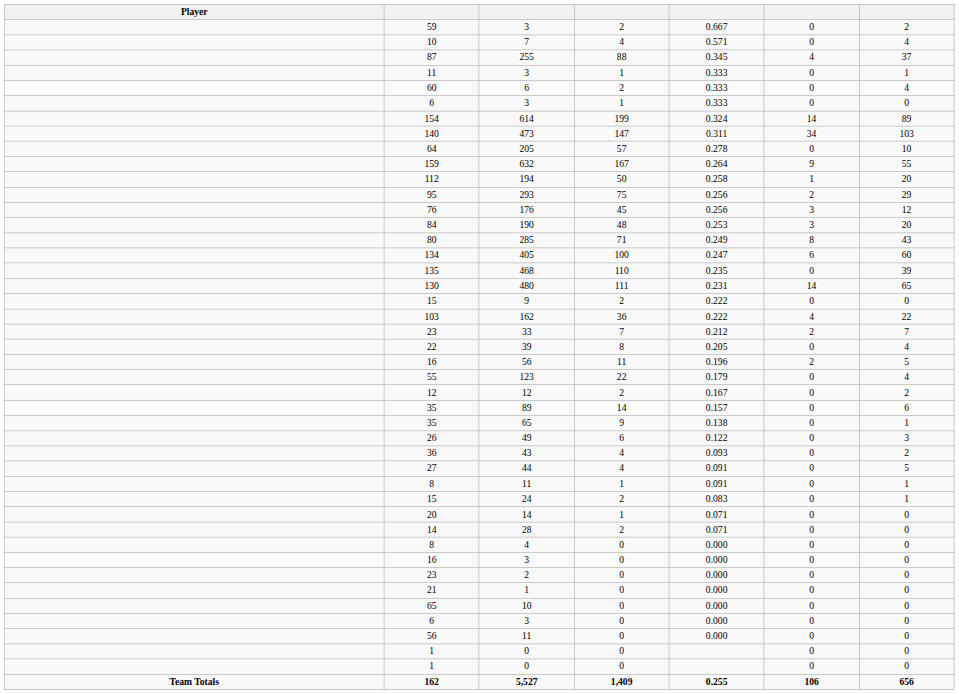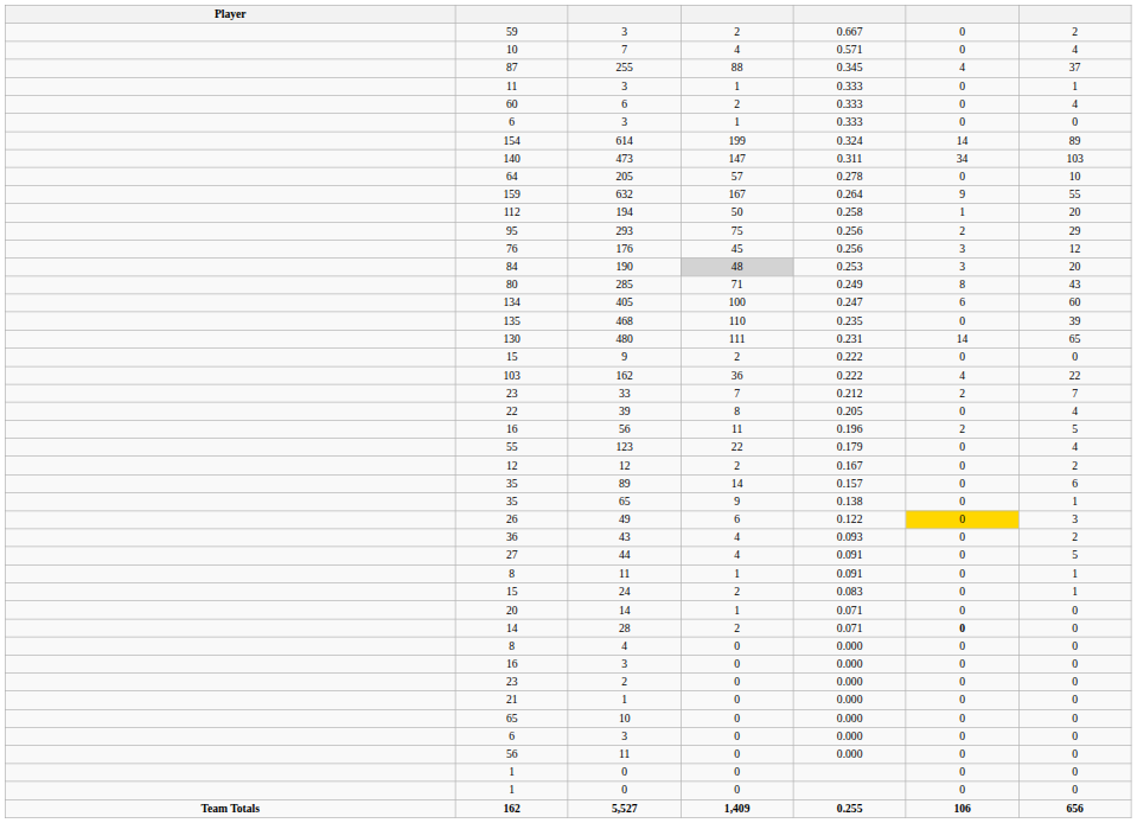 <table class="wikitable sortable" style="text-align:center;" width="100%">
 <tr>
 <th width="40%">Player</th>
 <th width="10%"></th>
 <th width="10%"></th>
 <th width="10%"></th>
 <th width="10%"></th>
 <th width="10%"></th>
 <th width="10%"></th>
 </tr>
 <tr>
 <td></td>
 <td>59</td>
 <td>3</td>
 <td>2</td>
 <td>0.667</td>
 <td>0</td>
 <td>2</td>
 </tr>
 <tr>
 <td></td>
 <td>10</td>
 <td>7</td>
 <td>4</td>
 <td>0.571</td>
 <td>0</td>
 <td>4</td>
 </tr>
 <tr>
 <td></td>
 <td>87</td>
 <td>255</td>
 <td>88</td>
 <td>0.345</td>
 <td>4</td>
 <td>37</td>
 </tr>
 <tr>
 <td></td>
 <td>11</td>
 <td>3</td>
 <td>1</td>
 <td>0.333</td>
 <td>0</td>
 <td>1</td>
 </tr>
 <tr>
 <td></td>
 <td>60</td>
 <td>6</td>
 <td>2</td>
 <td>0.333</td>
 <td>0</td>
 <td>4</td>
 </tr>
 <tr>
 <td></td>
 <td>6</td>
 <td>3</td>
 <td>1</td>
 <td>0.333</td>
 <td>0</td>
 <td>0</td>
 </tr>
 <tr>
 <td></td>
 <td>154</td>
 <td>614</td>
 <td>199</td>
 <td>0.324</td>
 <td>14</td>
 <td>89</td>
 </tr>
 <tr>
 <td></td>
 <td>140</td>
 <td>473</td>
 <td>147</td>
 <td>0.311</td>
 <td>34</td>
 <td>103</td>
 </tr>
 <tr>
 <td></td>
 <td>64</td>
 <td>205</td>
 <td>57</td>
 <td>0.278</td>
 <td>0</td>
 <td>10</td>
 </tr>
 <tr>
 <td></td>
 <td>159</td>
 <td>632</td>
 <td>167</td>
 <td>0.264</td>
 <td>9</td>
 <td>55</td>
 </tr>
 <tr>
 <td></td>
 <td>112</td>
 <td>194</td>
 <td>50</td>
 <td>0.258</td>
 <td>1</td>
 <td>20</td>
 </tr>
 <tr>
 <td></td>
 <td>95</td>
 <td>293</td>
 <td>75</td>
 <td>0.256</td>
 <td>2</td>
 <td>29</td>
 </tr>
 <tr>
 <td></td>
 <td>76</td>
 <td>176</td>
 <td>45</td>
 <td>0.256</td>
 <td>3</td>
 <td>12</td>
 </tr>
 <tr>
 <td></td>
 <td>84</td>
 <td>190</td>
-<td>48</td>
+<td style="background: lightgrey;">48</td>
 <td>0.253</td>
 <td>3</td>
 <td>20</td>
 </tr>
 <tr>
 <td></td>
 <td>80</td>
 <td>285</td>
 <td>71</td>
 <td>0.249</td>
 <td>8</td>
 <td>43</td>
 </tr>
 <tr>
 <td></td>
 <td>134</td>
 <td>405</td>
 <td>100</td>
 <td>0.247</td>
 <td>6</td>
 <td>60</td>
 </tr>
 <tr>
 <td></td>
 <td>135</td>
 <td>468</td>
 <td>110</td>
 <td>0.235</td>
 <td>0</td>
 <td>39</td>
 </tr>
 <tr>
 <td></td>
 <td>130</td>
 <td>480</td>
 <td>111</td>
 <td>0.231</td>
 <td>14</td>
 <td>65</td>
 </tr>
 <tr>
 <td></td>
 <td>15</td>
 <td>9</td>
 <td>2</td>
 <td>0.222</td>
 <td>0</td>
 <td>0</td>
 </tr>
 <tr>
 <td></td>
 <td>103</td>
 <td>162</td>
 <td>36</td>
 <td>0.222</td>
 <td>4</td>
 <td>22</td>
 </tr>
 <tr>
 <td></td>
 <td>23</td>
 <td>33</td>
 <td>7</td>
 <td>0.212</td>
 <td>2</td>
 <td>7</td>
 </tr>
 <tr>
 <td></td>
 <td>22</td>
 <td>39</td>
 <td>8</td>
 <td>0.205</td>
 <td>0</td>
 <td>4</td>
 </tr>
 <tr>
 <td></td>
 <td>16</td>
 <td>56</td>
 <td>11</td>
 <td>0.196</td>
 <td>2</td>
 <td>5</td>
 </tr>
 <tr>
 <td></td>
 <td>55</td>
 <td>123</td>
 <td>22</td>
 <td>0.179</td>
 <td>0</td>
 <td>4</td>
 </tr>
 <tr>
 <td></td>
 <td>12</td>
 <td>12</td>
 <td>2</td>
 <td>0.167</td>
 <td>0</td>
 <td>2</td>
 </tr>
 <tr>
 <td></td>
 <td>35</td>
 <td>89</td>
 <td>14</td>
 <td>0.157</td>
 <td>0</td>
 <td>6</td>
 </tr>
 <tr>
 <td></td>
 <td>35</td>
 <td>65</td>
 <td>9</td>
 <td>0.138</td>
 <td>0</td>
 <td>1</td>
 </tr>
 <tr>
 <td></td>
 <td>26</td>
 <td>49</td>
 <td>6</td>
 <td>0.122</td>
-<td>0</td>
+<td style="background: gold;">0</td>
 <td>3</td>
 </tr>
 <tr>
 <td></td>
 <td>36</td>
 <td>43</td>
 <td>4</td>
 <td>0.093</td>
 <td>0</td>
 <td>2</td>
 </tr>
 <tr>
 <td></td>
 <td>27</td>
 <td>44</td>
 <td>4</td>
 <td>0.091</td>
 <td>0</td>
 <td>5</td>
 </tr>
 <tr>
 <td></td>
 <td>8</td>
 <td>11</td>
 <td>1</td>
 <td>0.091</td>
 <td>0</td>
 <td>1</td>
 </tr>
 <tr>
 <td></td>
 <td>15</td>
 <td>24</td>
 <td>2</td>
 <td>0.083</td>
 <td>0</td>
 <td>1</td>
 </tr>
 <tr>
 <td></td>
 <td>20</td>
 <td>14</td>
 <td>1</td>
 <td>0.071</td>
 <td>0</td>
 <td>0</td>
 </tr>
 <tr>
 <td></td>
 <td>14</td>
 <td>28</td>
 <td>2</td>
 <td>0.071</td>
-<td>0</td>
+<td><strong>0</strong></td>
 <td>0</td>
 </tr>
 <tr>
 <td></td>
 <td>8</td>
 <td>4</td>
 <td>0</td>
 <td>0.000</td>
 <td>0</td>
 <td>0</td>
 </tr>
 <tr>
 <td></td>
 <td>16</td>
 <td>3</td>
 <td>0</td>
 <td>0.000</td>
 <td>0</td>
 <td>0</td>
 </tr>
 <tr>
 <td></td>
 <td>23</td>
 <td>2</td>
 <td>0</td>
 <td>0.000</td>
 <td>0</td>
 <td>0</td>
 </tr>
 <tr>
 <td></td>
 <td>21</td>
 <td>1</td>
 <td>0</td>
 <td>0.000</td>
 <td>0</td>
 <td>0</td>
 </tr>
 <tr>
 <td></td>
 <td>65</td>
 <td>10</td>
 <td>0</td>
 <td>0.000</td>
 <td>0</td>
 <td>0</td>
 </tr>
 <tr>
 <td></td>
 <td>6</td>
 <td>3</td>
 <td>0</td>
 <td>0.000</td>
 <td>0</td>
 <td>0</td>
 </tr>
 <tr>
 <td></td>
 <td>56</td>
 <td>11</td>
 <td>0</td>
 <td>0.000</td>
 <td>0</td>
 <td>0</td>
 </tr>
 <tr>
 <td></td>
 <td>1</td>
 <td>0</td>
 <td>0</td>
 <td></td>
 <td>0</td>
 <td>0</td>
 </tr>
 <tr>
 <td></td>
 <td>1</td>
 <td>0</td>
 <td>0</td>
 <td></td>
 <td>0</td>
 <td>0</td>
 </tr>
 <tr>
 <td><strong>Team Totals</strong></td>
 <td><strong>162</strong></td>
 <td><strong>5,527</strong></td>
 <td><strong>1,409</strong></td>
 <td><strong>0.255</strong></td>
 <td><strong>106</strong></td>
 <td><strong>656</strong></td>
 </tr>
 </table>
